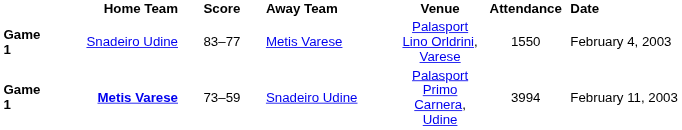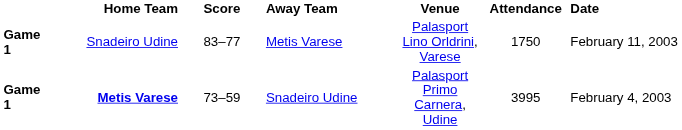 <table style="text-align:center" cellpadding=1 border=0>
 <tr>
 <th width=50></th>
 <th width=160 align=right>Home Team</th>
 <th width=100>Score</th>
 <th width=160 align=left>Away Team</th>
 <th width=100>Venue</th>
 <th width=100>Attendance</th>
 <th width=200 align=left>Date</th>
 </tr>
 <tr>
 <td align=left><strong>Game 1</strong></td>
 <td align=right><a href='#'>Snadeiro Udine</a> </td>
 <td>83–77</td>
 <td align=left> <a href='#'>Metis Varese</a></td>
 <td><a href='#'>Palasport Lino Orldrini</a>, <a href='#'>Varese</a></td>
-<td>1550</td>
-<td align=left>February 4, 2003</td>
+<td>1750</td>
+<td align=left>February 11, 2003</td>
 </tr>
 <tr>
 <td align=left><strong>Game 1</strong></td>
 <td align=right><strong><a href='#'>Metis Varese</a></strong> </td>
 <td>73–59</td>
 <td align=left> <a href='#'>Snadeiro Udine</a></td>
 <td><a href='#'>Palasport Primo Carnera</a>, <a href='#'>Udine</a></td>
-<td>3994</td>
-<td align=left>February 11, 2003</td>
+<td>3995</td>
+<td align=left>February 4, 2003</td>
 </tr>
 </table>
